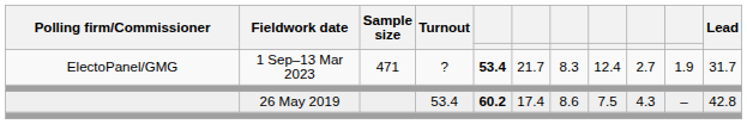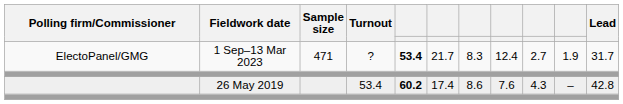 <table class="wikitable collapsible collapsed" style="text-align:center; font-size:95%; line-height:16px;">
 <tr style="height:42px;">
 <th style="width:250px;" rowspan="2">Polling firm/Commissioner</th>
 <th style="width:125px;" rowspan="2">Fieldwork date</th>
 <th style="width:50px;" rowspan="2">Sample size</th>
 <th style="width:45px;" rowspan="2">Turnout</th>
 <th style="width:35px;"></th>
 <th style="width:35px;"></th>
 <th style="width:35px;"></th>
 <th style="width:35px;"></th>
 <th style="width:35px;"></th>
 <th style="width:35px;"></th>
 <th style="width:30px;" rowspan="2">Lead</th>
 </tr>
 <tr>
 <th style="color:inherit;background:"></th>
 <th style="color:inherit;background:"></th>
 <th style="color:inherit;background:"></th>
 <th style="color:inherit;background:"></th>
 <th style="color:inherit;background:"></th>
 <th style="color:inherit;background:"></th>
 </tr>
 <tr>
 <td>ElectoPanel/GMG</td>
 <td>1 Sep–13 Mar 2023</td>
 <td>471</td>
 <td>?</td>
 <td><strong>53.4</strong><br></td>
 <td>21.7<br></td>
 <td>8.3<br></td>
 <td>12.4<br></td>
 <td>2.7<br></td>
 <td>1.9<br></td>
 <td style="background:">31.7</td>
 </tr>
 <tr>
 <td colspan="13" style="background:#A0A0A0"></td>
 </tr>
 <tr style="background:#EFEFEF;">
 <td><strong></strong></td>
 <td>26 May 2019</td>
 <td></td>
 <td>53.4</td>
 <td><strong>60.2</strong><br></td>
 <td>17.4<br></td>
 <td>8.6<br></td>
-<td>7.5<br></td>
+<td>7.6<br></td>
 <td>4.3<br></td>
 <td>–</td>
 <td style="background:">42.8</td>
 </tr>
 <tr>
 <td colspan="11" style="background:#A0A0A0"></td>
 </tr>
 </table>
